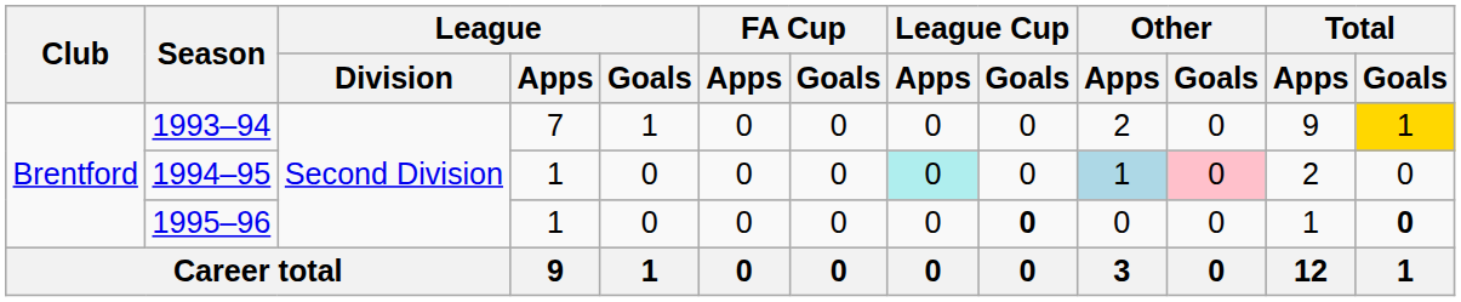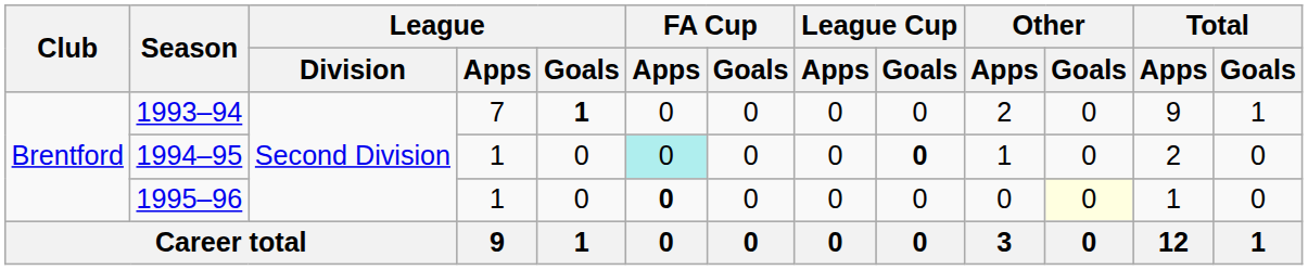 <table style="text-align: center;" class="wikitable">
 <tr>
 <th rowspan="2">Club</th>
 <th rowspan="2">Season</th>
 <th colspan="3">League</th>
 <th colspan="2">FA Cup</th>
 <th colspan="2">League Cup</th>
 <th colspan="2">Other</th>
 <th colspan="2">Total</th>
 </tr>
 <tr>
 <th>Division</th>
 <th>Apps</th>
 <th>Goals</th>
 <th>Apps</th>
 <th>Goals</th>
 <th>Apps</th>
 <th>Goals</th>
 <th>Apps</th>
 <th>Goals</th>
 <th>Apps</th>
 <th>Goals</th>
 </tr>
 <tr>
 <td rowspan="3"><a href='#'>Brentford</a></td>
 <td><a href='#'>1993–94</a></td>
 <td rowspan="3"><a href='#'>Second Division</a></td>
 <td>7</td>
-<td>1</td>
+<td><strong>1</strong></td>
 <td>0</td>
 <td>0</td>
 <td>0</td>
 <td>0</td>
 <td>2</td>
 <td>0</td>
 <td>9</td>
-<td style="background: gold;">1</td>
+<td>1</td>
 </tr>
 <tr>
 <td><a href='#'>1994–95</a></td>
 <td>1</td>
 <td>0</td>
+<td style="background: paleturquoise;">0</td>
 <td>0</td>
 <td>0</td>
-<td style="background: paleturquoise;">0</td>
+<td><strong>0</strong></td>
+<td>1</td>
 <td>0</td>
-<td style="background: lightblue;">1</td>
-<td style="background: pink;">0</td>
 <td>2</td>
 <td>0</td>
 </tr>
 <tr>
 <td><a href='#'>1995–96</a></td>
 <td>1</td>
 <td>0</td>
+<td><strong>0</strong></td>
 <td>0</td>
 <td>0</td>
 <td>0</td>
-<td><strong>0</strong></td>
 <td>0</td>
+<td style="background: lightyellow;">0</td>
+<td>1</td>
 <td>0</td>
-<td>1</td>
-<td><strong>0</strong></td>
 </tr>
 <tr>
 <th colspan="3">Career total</th>
 <th>9</th>
 <th>1</th>
 <th>0</th>
 <th>0</th>
 <th>0</th>
 <th>0</th>
 <th>3</th>
 <th>0</th>
 <th>12</th>
 <th>1</th>
 </tr>
 </table>
